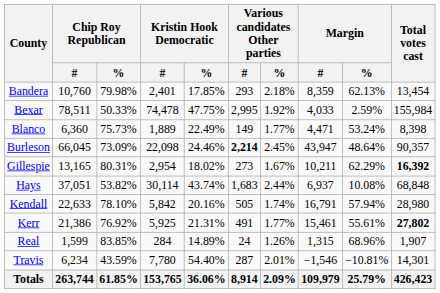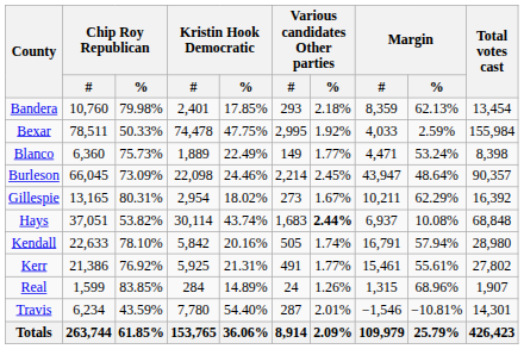 <table width="60%"  class="wikitable sortable" style="text-align:center">
 <tr>
 <th rowspan="2">County</th>
 <th style="text-align:center;" colspan="2">Chip Roy<br>Republican</th>
 <th style="text-align:center;" colspan="2">Kristin Hook<br>Democratic</th>
 <th style="text-align:center;" colspan="2">Various candidates<br>Other parties</th>
 <th style="text-align:center;" colspan="2">Margin</th>
 <th rowspan="2" style="text-align:center;">Total votes cast</th>
 </tr>
 <tr>
 <th style="text-align:center;" data-sort-type="number">#</th>
 <th style="text-align:center;" data-sort-type="number">%</th>
 <th style="text-align:center;" data-sort-type="number">#</th>
 <th style="text-align:center;" data-sort-type="number">%</th>
 <th style="text-align:center;" data-sort-type="number">#</th>
 <th style="text-align:center;" data-sort-type="number">%</th>
 <th style="text-align:center;" data-sort-type="number">#</th>
 <th style="text-align:center;" data-sort-type="number">%</th>
 </tr>
 <tr style="text-align:center;">
 <td style="background-color:"><a href='#'>Bandera</a></td>
 <td style="background-color:">10,760</td>
 <td style="background-color:">79.98%</td>
 <td style="color:black;background-color:">2,401</td>
 <td style="color:black;background-color:">17.85%</td>
 <td style="background:">293</td>
 <td style="background:">2.18%</td>
 <td style="background-color:">8,359</td>
 <td style="background-color:">62.13%</td>
 <td style="background-color:">13,454</td>
 </tr>
 <tr style="text-align:center;">
 <td style="background-color:"><a href='#'>Bexar</a></td>
 <td style="background-color:">78,511</td>
 <td style="background-color:">50.33%</td>
 <td style="color:black;background-color:">74,478</td>
 <td style="color:black;background-color:">47.75%</td>
 <td style="background:">2,995</td>
 <td style="background:">1.92%</td>
 <td style="background-color:">4,033</td>
 <td style="background-color:">2.59%</td>
 <td style="background-color:">155,984</td>
 </tr>
 <tr style="text-align:center;">
 <td style="background-color:"><a href='#'>Blanco</a></td>
 <td style="background-color:">6,360</td>
 <td style="background-color:">75.73%</td>
 <td style="color:black;background-color:">1,889</td>
 <td style="color:black;background-color:">22.49%</td>
 <td style="background:">149</td>
 <td style="background:">1.77%</td>
 <td style="background-color:">4,471</td>
 <td style="background-color:">53.24%</td>
 <td style="background-color:">8,398</td>
 </tr>
 <tr style="text-align:center;">
 <td style="background-color:"><a href='#'>Burleson</a></td>
 <td style="background-color:">66,045</td>
 <td style="background-color:">73.09%</td>
 <td style="color:black;background-color:">22,098</td>
 <td style="color:black;background-color:">24.46%</td>
-<td style="background:"><strong>2,214</strong></td>
+<td style="background:">2,214</td>
 <td style="background:">2.45%</td>
 <td style="background-color:">43,947</td>
 <td style="background-color:">48.64%</td>
 <td style="background-color:">90,357</td>
 </tr>
 <tr style="text-align:center;">
 <td style="background-color:"><a href='#'>Gillespie</a></td>
 <td style="background-color:">13,165</td>
 <td style="background-color:">80.31%</td>
 <td style="color:black;background-color:">2,954</td>
 <td style="color:black;background-color:">18.02%</td>
 <td style="background:">273</td>
 <td style="background:">1.67%</td>
 <td style="background-color:">10,211</td>
 <td style="background-color:">62.29%</td>
-<td style="background-color:"><strong>16,392</strong></td>
+<td style="background-color:">16,392</td>
 </tr>
 <tr style="text-align:center;">
 <td style="background-color:"><a href='#'>Hays</a></td>
 <td style="background-color:">37,051</td>
 <td style="background-color:">53.82%</td>
 <td style="color:black;background-color:">30,114</td>
 <td style="color:black;background-color:">43.74%</td>
 <td style="background:">1,683</td>
-<td style="background:">2.44%</td>
+<td style="background:"><strong>2.44%</strong></td>
 <td style="background-color:">6,937</td>
 <td style="background-color:">10.08%</td>
 <td style="background-color:">68,848</td>
 </tr>
 <tr style="text-align:center;">
 <td style="background-color:"><a href='#'>Kendall</a></td>
 <td style="background-color:">22,633</td>
 <td style="background-color:">78.10%</td>
 <td style="color:black;background-color:">5,842</td>
 <td style="color:black;background-color:">20.16%</td>
 <td style="background:">505</td>
 <td style="background:">1.74%</td>
 <td style="background-color:">16,791</td>
 <td style="background-color:">57.94%</td>
 <td style="background-color:">28,980</td>
 </tr>
 <tr style="text-align:center;">
 <td style="background-color:"><a href='#'>Kerr</a></td>
 <td style="background-color:">21,386</td>
 <td style="background-color:">76.92%</td>
 <td style="color:black;background-color:">5,925</td>
 <td style="color:black;background-color:">21.31%</td>
 <td style="background:">491</td>
 <td style="background:">1.77%</td>
 <td style="background-color:">15,461</td>
 <td style="background-color:">55.61%</td>
-<td style="background-color:"><strong>27,802</strong></td>
+<td style="background-color:">27,802</td>
 </tr>
 <tr style="text-align:center;">
 <td style="background-color:"><a href='#'>Real</a></td>
 <td style="background-color:">1,599</td>
 <td style="background-color:">83.85%</td>
 <td style="color:black;background-color:">284</td>
 <td style="color:black;background-color:">14.89%</td>
 <td style="background:">24</td>
 <td style="background:">1.26%</td>
 <td style="background-color:">1,315</td>
 <td style="background-color:">68.96%</td>
 <td style="background-color:">1,907</td>
 </tr>
 <tr style="text-align:center;">
 <td style="color:black;background-color:"><a href='#'>Travis</a></td>
 <td style="background-color:">6,234</td>
 <td style="background-color:">43.59%</td>
 <td style="color:black;background-color:">7,780</td>
 <td style="color:black;background-color:">54.40%</td>
 <td style="background:">287</td>
 <td style="background:">2.01%</td>
 <td style="color:black;background-color:">−1,546</td>
 <td style="color:black;background-color:">−10.81%</td>
 <td style="color:black;background-color:">14,301</td>
 </tr>
 <tr style="text-align:center;">
 <th>Totals</th>
 <th>263,744</th>
 <th>61.85%</th>
 <th>153,765</th>
 <th>36.06%</th>
 <th>8,914</th>
 <th>2.09%</th>
 <th>109,979</th>
 <th>25.79%</th>
 <th>426,423</th>
 </tr>
 </table>
